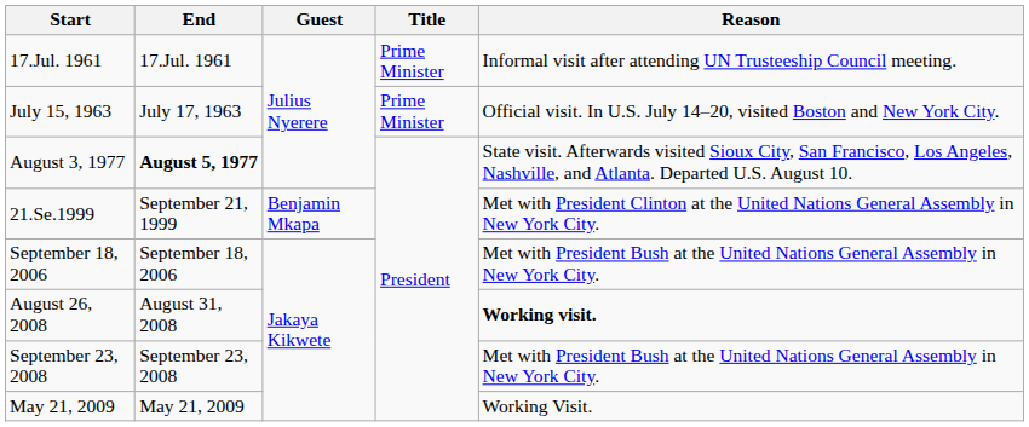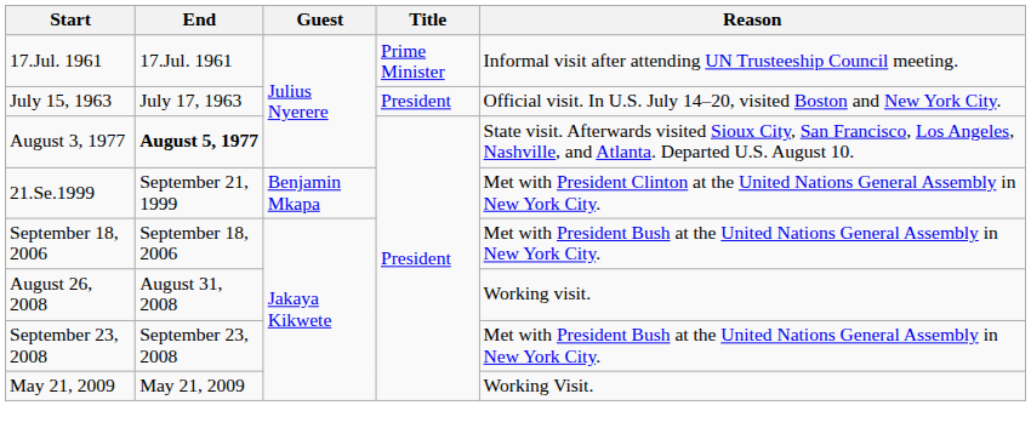 <table class="wikitable sortable">
 <tr>
 <th>Start</th>
 <th>End</th>
 <th>Guest</th>
 <th>Title</th>
 <th>Reason</th>
 </tr>
 <tr>
 <td>17.Jul. 1961</td>
 <td>17.Jul. 1961</td>
 <td rowspan=3><a href='#'>Julius Nyerere</a></td>
 <td><a href='#'>Prime Minister</a></td>
 <td>Informal visit after attending <a href='#'>UN Trusteeship Council</a> meeting.</td>
 </tr>
 <tr>
 <td>July 15, 1963</td>
 <td>July 17, 1963</td>
-<td><a href='#'>Prime Minister</a></td>
+<td><a href='#'>President</a></td>
 <td>Official visit. In U.S. July 14–20, visited <a href='#'>Boston</a> and <a href='#'>New York City</a>.</td>
 </tr>
 <tr>
 <td>August 3, 1977</td>
 <td><strong>August 5, 1977</strong></td>
 <td rowspan="6"><a href='#'>President</a></td>
 <td>State visit. Afterwards visited <a href='#'>Sioux City</a>, <a href='#'>San Francisco</a>, <a href='#'>Los Angeles</a>, <a href='#'>Nashville</a>, and <a href='#'>Atlanta</a>. Departed U.S. August 10.</td>
 </tr>
 <tr>
 <td>21.Se.1999</td>
 <td>September 21, 1999</td>
 <td><a href='#'>Benjamin Mkapa</a></td>
 <td>Met with <a href='#'>President Clinton</a> at the <a href='#'>United Nations General Assembly</a> in <a href='#'>New York City</a>.</td>
 </tr>
 <tr>
 <td>September 18, 2006</td>
 <td>September 18, 2006</td>
 <td rowspan=4><a href='#'>Jakaya Kikwete</a></td>
 <td>Met with <a href='#'>President Bush</a> at the <a href='#'>United Nations General Assembly</a> in <a href='#'>New York City</a>.</td>
 </tr>
 <tr>
 <td>August 26, 2008</td>
 <td>August 31, 2008</td>
-<td><strong>Working visit.</strong></td>
+<td>Working visit.</td>
 </tr>
 <tr>
 <td>September 23, 2008</td>
 <td>September 23, 2008</td>
 <td>Met with <a href='#'>President Bush</a> at the <a href='#'>United Nations General Assembly</a> in <a href='#'>New York City</a>.</td>
 </tr>
 <tr>
 <td>May 21, 2009</td>
 <td>May 21, 2009</td>
 <td>Working Visit.</td>
 </tr>
 </table>
